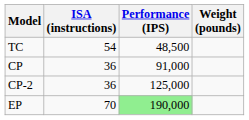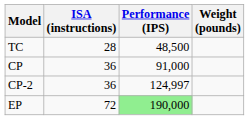 <table class="wikitable" style="text-align: right; float:right; margin-left: 10px;">
 <tr>
 <th>Model</th>
 <th><a href='#'>ISA</a> <br>(instructions)</th>
 <th><a href='#'>Performance</a> <br>(IPS)</th>
 <th>Weight <br>(pounds)</th>
 </tr>
 <tr>
 <td style="text-align: left">TC</td>
-<td>54</td>
+<td>28</td>
 <td>48,500</td>
 <td></td>
 </tr>
 <tr>
 <td style="text-align: left">CP</td>
 <td>36</td>
 <td>91,000</td>
 <td></td>
 </tr>
 <tr>
 <td style="text-align: left">CP-2</td>
 <td>36</td>
-<td>125,000</td>
+<td>124,997</td>
 <td></td>
 </tr>
 <tr>
 <td style="text-align: left">EP</td>
-<td>70</td>
+<td>72</td>
 <td style="background: lightgreen;">190,000</td>
 <td></td>
 </tr>
 </table>
